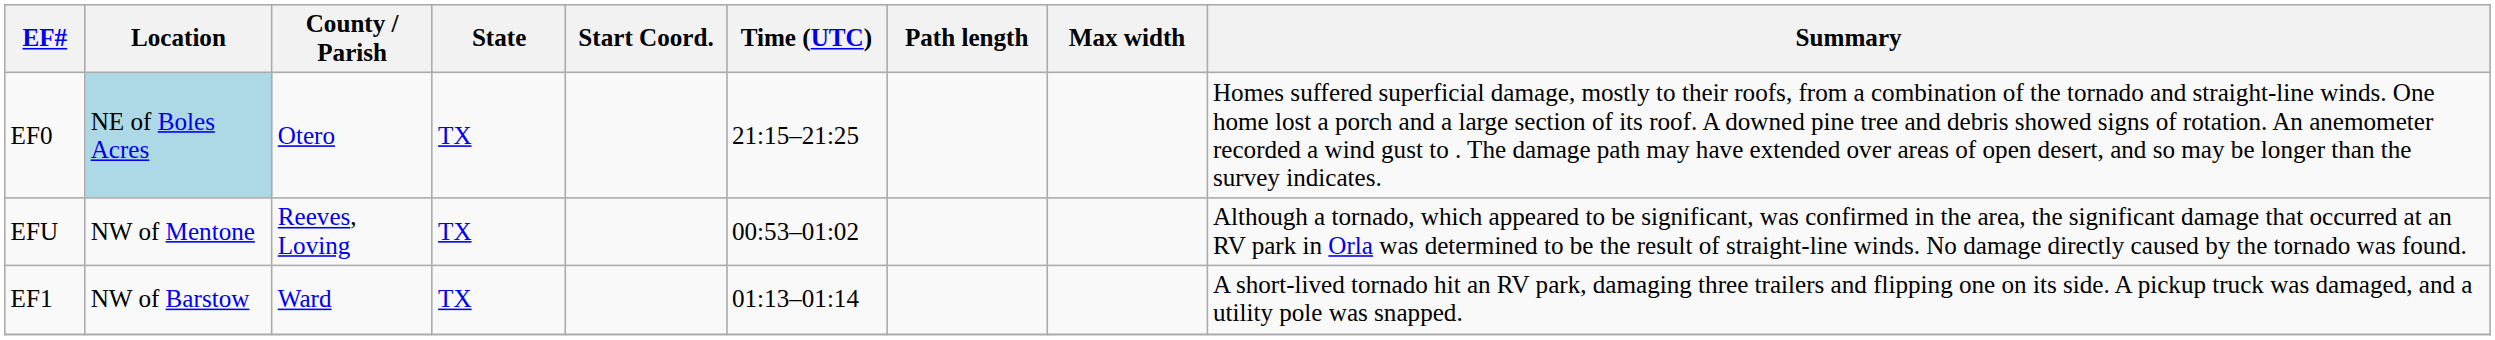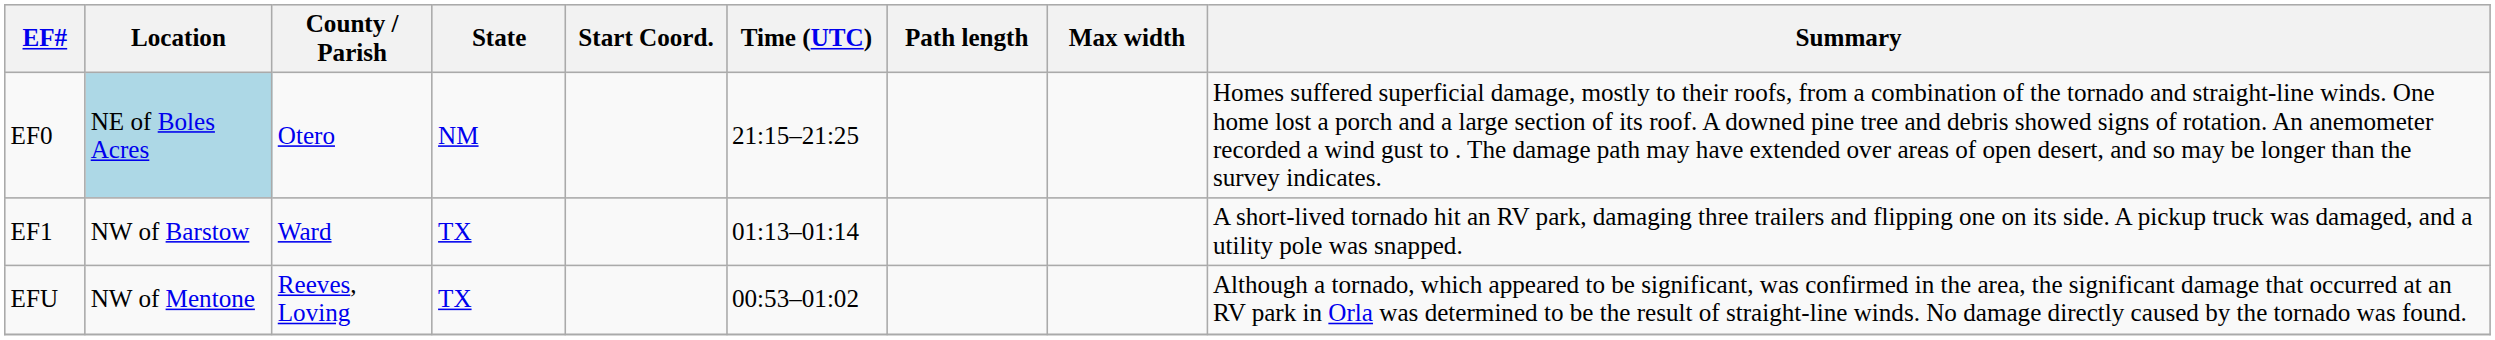 <table class="wikitable sortable" style="width:100%;">
 <tr>
 <th scope="col"  style="width:3%; text-align:center;"><a href='#'>EF#</a></th>
 <th scope="col"  style="width:7%; text-align:center;" class="unsortable">Location</th>
 <th scope="col"  style="width:6%; text-align:center;" class="unsortable">County / Parish</th>
 <th scope="col"  style="width:5%; text-align:center;">State</th>
 <th scope="col"  style="width:6%; text-align:center;">Start Coord.</th>
 <th scope="col"  style="width:6%; text-align:center;">Time (<a href='#'>UTC</a>)</th>
 <th scope="col"  style="width:6%; text-align:center;">Path length</th>
 <th scope="col"  style="width:6%; text-align:center;">Max width</th>
 <th scope="col" class="unsortable" style="width:48%; text-align:center;">Summary</th>
 </tr>
 <tr>
 <td>EF0</td>
 <td style="background: lightblue;">NE of <a href='#'>Boles Acres</a></td>
 <td><a href='#'>Otero</a></td>
-<td><a href='#'>TX</a></td>
+<td><a href='#'>NM</a></td>
 <td></td>
 <td>21:15–21:25</td>
 <td></td>
 <td></td>
 <td>Homes suffered superficial damage, mostly to their roofs, from a combination of the tornado and straight-line winds. One home lost a porch and a large section of its roof. A downed pine tree and debris showed signs of rotation. An anemometer recorded a wind gust to . The damage path may have extended over areas of open desert, and so may be longer than the survey indicates.</td>
+</tr>
+<tr>
+<td>EF1</td>
+<td>NW of <a href='#'>Barstow</a></td>
+<td><a href='#'>Ward</a></td>
+<td><a href='#'>TX</a></td>
+<td></td>
+<td>01:13–01:14</td>
+<td></td>
+<td></td>
+<td>A short-lived tornado hit an RV park, damaging three trailers and flipping one on its side. A pickup truck was damaged, and a utility pole was snapped.</td>
 </tr>
 <tr>
 <td>EFU</td>
 <td>NW of <a href='#'>Mentone</a></td>
 <td><a href='#'>Reeves</a>, <a href='#'>Loving</a></td>
 <td><a href='#'>TX</a></td>
 <td></td>
 <td>00:53–01:02</td>
 <td></td>
 <td></td>
 <td>Although a tornado, which appeared to be significant, was confirmed in the area, the significant damage that occurred at an RV park in <a href='#'>Orla</a> was determined to be the result of straight-line winds. No damage directly caused by the tornado was found.</td>
 </tr>
 <tr>
-<td>EF1</td>
-<td>NW of <a href='#'>Barstow</a></td>
-<td><a href='#'>Ward</a></td>
-<td><a href='#'>TX</a></td>
-<td></td>
-<td>01:13–01:14</td>
-<td></td>
-<td></td>
-<td>A short-lived tornado hit an RV park, damaging three trailers and flipping one on its side. A pickup truck was damaged, and a utility pole was snapped.</td>
-</tr>
-<tr>
 </tr>
 </table>
